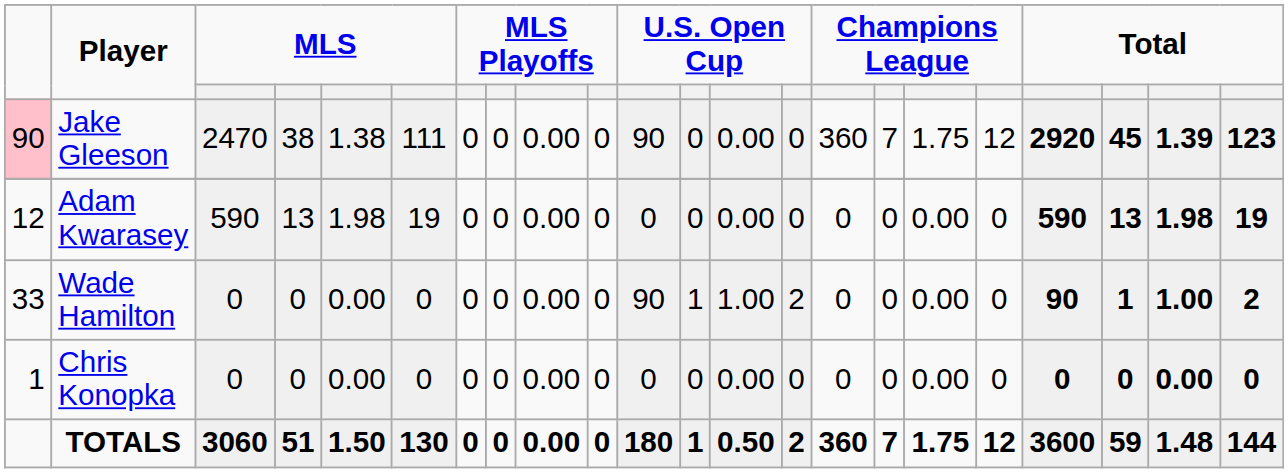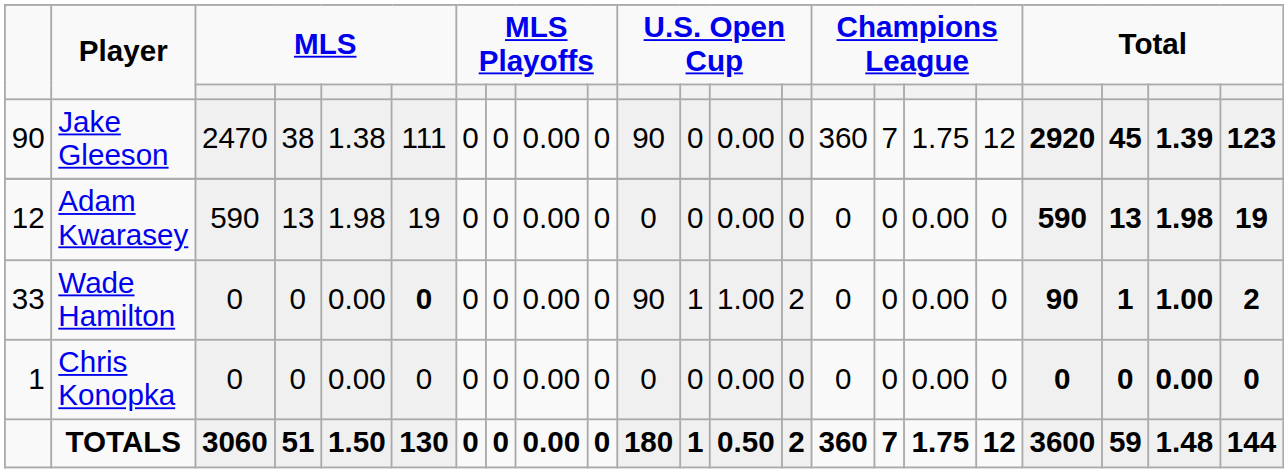 <table class="wikitable" style="text-align:center;">
 <tr>
 <td rowspan="2" style="width:35px; text-align:center;"><strong></strong></td>
 <td rowspan="2" style="width:195px; text-align:center;"><strong>Player</strong></td>
 <td colspan="4" style="text-align:center;"><strong><a href='#'>MLS</a></strong></td>
 <td colspan="4" style="text-align:center;"><strong><a href='#'>MLS Playoffs</a></strong></td>
 <td colspan="4" style="text-align:center;"><strong><a href='#'>U.S. Open Cup</a></strong></td>
 <td colspan="4" style="text-align:center;"><strong><a href='#'>Champions League</a></strong></td>
 <td colspan="4" style="text-align:center;"><strong>Total</strong></td>
 </tr>
 <tr>
 <th width=41></th>
 <th width=41></th>
 <th width=41></th>
 <th width=41></th>
 <th width=41></th>
 <th width=41></th>
 <th width=41></th>
 <th width=41></th>
 <th width=41></th>
 <th width=41></th>
 <th width=41></th>
 <th width=41></th>
 <th width=41></th>
 <th width=41></th>
 <th width=41></th>
 <th width=41></th>
 <th width=41></th>
 <th width=41></th>
 <th width=41></th>
 <th width=41></th>
 </tr>
 <tr>
-<td style="background: pink; text-align: right;">90</td>
+<td style="text-align: right;">90</td>
 <td style="text-align: left;"> <a href='#'>Jake Gleeson</a></td>
 <td style="background: #F0F0F0;">2470</td>
 <td style="background: #F0F0F0;">38</td>
 <td style="background: #F0F0F0;">1.38</td>
 <td style="background: #F0F0F0;">111</td>
 <td>0</td>
 <td>0</td>
 <td>0.00</td>
 <td>0</td>
 <td style="background: #F0F0F0;">90</td>
 <td style="background: #F0F0F0;">0</td>
 <td style="background: #F0F0F0;">0.00</td>
 <td style="background: #F0F0F0;">0</td>
 <td>360</td>
 <td>7</td>
 <td>1.75</td>
 <td>12</td>
 <td style="background: #F0F0F0;"><strong>2920</strong></td>
 <td style="background: #F0F0F0;"><strong>45</strong></td>
 <td style="background: #F0F0F0;"><strong>1.39</strong></td>
 <td style="background: #F0F0F0;"><strong>123</strong></td>
 </tr>
 <tr>
 </tr>
 <tr>
 <td style="text-align: right;">12</td>
 <td style="text-align: left;"> <a href='#'>Adam Kwarasey</a></td>
 <td style="background: #F0F0F0;">590</td>
 <td style="background: #F0F0F0;">13</td>
 <td style="background: #F0F0F0;">1.98</td>
 <td style="background: #F0F0F0;">19</td>
 <td>0</td>
 <td>0</td>
 <td>0.00</td>
 <td>0</td>
 <td style="background: #F0F0F0;">0</td>
 <td style="background: #F0F0F0;">0</td>
 <td style="background: #F0F0F0;">0.00</td>
 <td style="background: #F0F0F0;">0</td>
 <td>0</td>
 <td>0</td>
 <td>0.00</td>
 <td>0</td>
 <td style="background: #F0F0F0;"><strong>590</strong></td>
 <td style="background: #F0F0F0;"><strong>13</strong></td>
 <td style="background: #F0F0F0;"><strong>1.98</strong></td>
 <td style="background: #F0F0F0;"><strong>19</strong></td>
 </tr>
 <tr>
 <td style="text-align: right;">33</td>
 <td style="text-align: left;"> <a href='#'>Wade Hamilton</a></td>
 <td style="background: #F0F0F0;">0</td>
 <td style="background: #F0F0F0;">0</td>
 <td style="background: #F0F0F0;">0.00</td>
-<td style="background: #F0F0F0;">0</td>
+<td style="background: #F0F0F0;"><strong>0</strong></td>
 <td>0</td>
 <td>0</td>
 <td>0.00</td>
 <td>0</td>
 <td style="background: #F0F0F0;">90</td>
 <td style="background: #F0F0F0;">1</td>
 <td style="background: #F0F0F0;">1.00</td>
 <td style="background: #F0F0F0;">2</td>
 <td>0</td>
 <td>0</td>
 <td>0.00</td>
 <td>0</td>
 <td style="background: #F0F0F0;"><strong>90</strong></td>
 <td style="background: #F0F0F0;"><strong>1</strong></td>
 <td style="background: #F0F0F0;"><strong>1.00</strong></td>
 <td style="background: #F0F0F0;"><strong>2</strong></td>
 </tr>
 <tr>
 <td style="text-align: right;">1</td>
 <td style="text-align: left;"> <a href='#'>Chris Konopka</a></td>
 <td style="background: #F0F0F0;">0</td>
 <td style="background: #F0F0F0;">0</td>
 <td style="background: #F0F0F0;">0.00</td>
 <td style="background: #F0F0F0;">0</td>
 <td>0</td>
 <td>0</td>
 <td>0.00</td>
 <td>0</td>
 <td style="background: #F0F0F0;">0</td>
 <td style="background: #F0F0F0;">0</td>
 <td style="background: #F0F0F0;">0.00</td>
 <td style="background: #F0F0F0;">0</td>
 <td>0</td>
 <td>0</td>
 <td>0.00</td>
 <td>0</td>
 <td style="background: #F0F0F0;"><strong>0</strong></td>
 <td style="background: #F0F0F0;"><strong>0</strong></td>
 <td style="background: #F0F0F0;"><strong>0.00</strong></td>
 <td style="background: #F0F0F0;"><strong>0</strong></td>
 </tr>
 <tr>
 <td></td>
 <td><strong>TOTALS</strong></td>
 <td style="background: #F0F0F0;"><strong>3060</strong></td>
 <td style="background: #F0F0F0;"><strong>51</strong></td>
 <td style="background: #F0F0F0;"><strong>1.50</strong></td>
 <td style="background: #F0F0F0;"><strong>130</strong></td>
 <td><strong>0</strong></td>
 <td><strong>0</strong></td>
 <td><strong>0.00</strong></td>
 <td><strong>0</strong></td>
 <td style="background: #F0F0F0;"><strong>180</strong></td>
 <td style="background: #F0F0F0;"><strong>1</strong></td>
 <td style="background: #F0F0F0;"><strong>0.50</strong></td>
 <td style="background: #F0F0F0;"><strong>2</strong></td>
 <td><strong>360</strong></td>
 <td><strong>7</strong></td>
 <td><strong>1.75</strong></td>
 <td><strong>12</strong></td>
 <td style="background: #F0F0F0;"><strong>3600</strong></td>
 <td style="background: #F0F0F0;"><strong>59</strong></td>
 <td style="background: #F0F0F0;"><strong>1.48</strong></td>
 <td style="background: #F0F0F0;"><strong>144</strong></td>
 </tr>
 </table>
